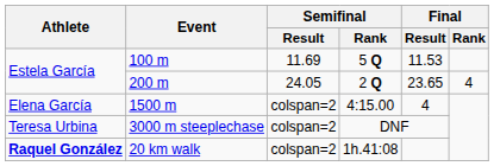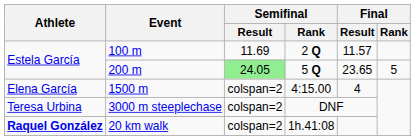 <table class="wikitable" style="font-size:90%">
 <tr>
 <th rowspan="2">Athlete</th>
 <th rowspan="2">Event</th>
 <th colspan="2">Semifinal</th>
 <th colspan="2">Final</th>
 </tr>
 <tr style="font-size:95%">
 <th>Result</th>
 <th>Rank</th>
 <th>Result</th>
 <th>Rank</th>
 </tr>
 <tr align=center>
 <td align=left rowspan=2><a href='#'>Estela García</a></td>
 <td align=left><a href='#'>100 m</a></td>
 <td>11.69</td>
-<td>5 <strong>Q</strong></td>
-<td>11.53</td>
+<td>2 <strong>Q</strong></td>
+<td>11.57</td>
 <td></td>
 </tr>
 <tr align=center>
 <td align=left><a href='#'>200 m</a></td>
-<td>24.05</td>
-<td>2 <strong>Q</strong></td>
+<td style="background: lightgreen;">24.05</td>
+<td>5 <strong>Q</strong></td>
 <td>23.65</td>
-<td>4</td>
+<td>5</td>
 </tr>
 <tr align=center>
 <td align=left><a href='#'>Elena García</a></td>
 <td align=left><a href='#'>1500 m</a></td>
 <td>colspan=2 </td>
 <td>4:15.00</td>
 <td>4</td>
 </tr>
 <tr align=center>
 <td align=left><a href='#'>Teresa Urbina</a></td>
 <td align=left><a href='#'>3000 m steeplechase</a></td>
 <td>colspan=2 </td>
 <td colspan=2>DNF</td>
 </tr>
 <tr align=center>
 <td align=left><strong><a href='#'>Raquel González</a></strong></td>
 <td align=left><a href='#'>20 km walk</a></td>
 <td>colspan=2 </td>
 <td>1h.41:08</td>
 <td></td>
 </tr>
 </table>
